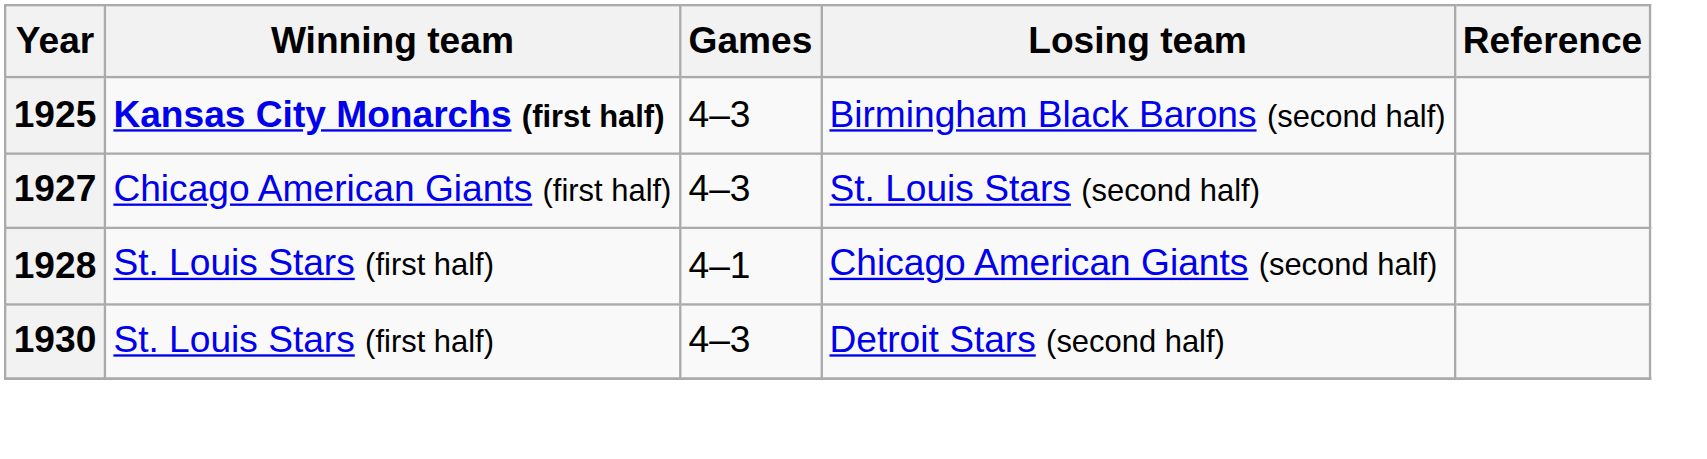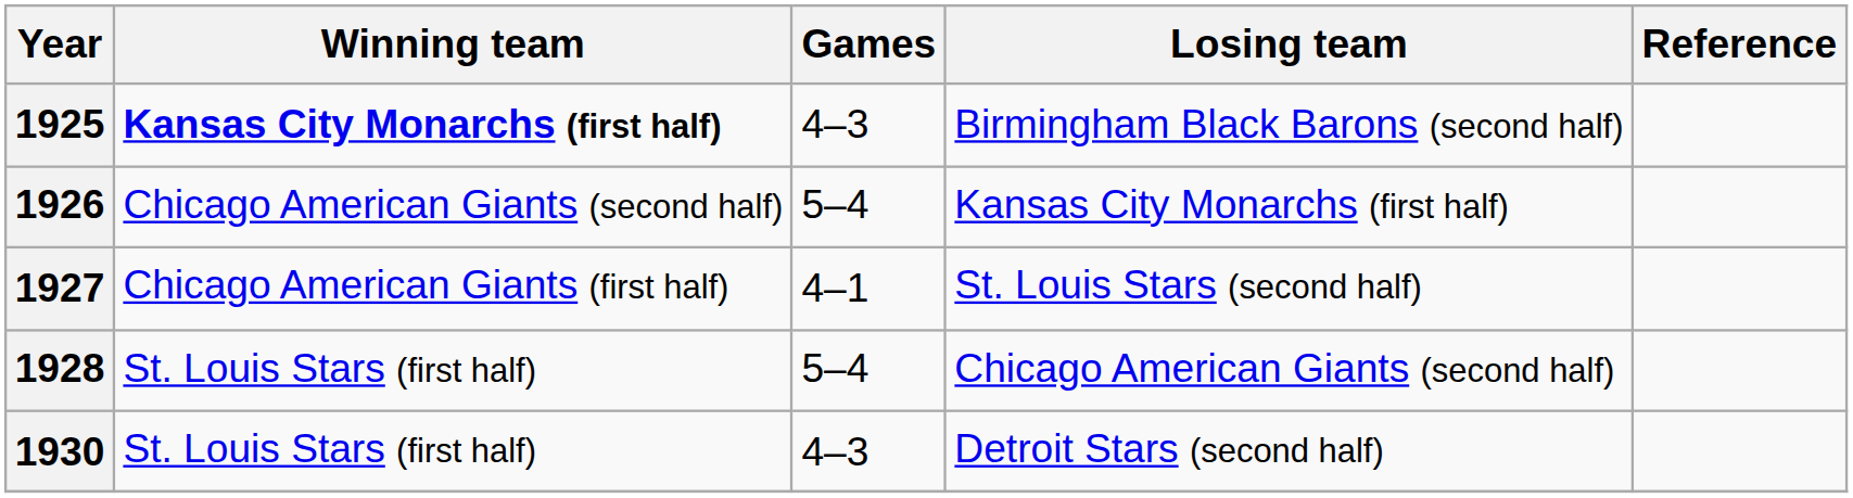 <table class="wikitable sortable plainrowheaders" style="font-size:1.00em; line-height:1.5em;">
 <tr>
 <th scope="col">Year</th>
 <th scope="col">Winning team</th>
 <th scope="col">Games</th>
 <th scope="col">Losing team</th>
 <th scope="col">Reference</th>
 </tr>
 <tr>
 <th scope="row" style="text-align:center">1925</th>
 <td align="left"><strong><a href='#'>Kansas City Monarchs</a> <small>(first half)</small></strong></td>
 <td>4–3</td>
 <td><a href='#'>Birmingham Black Barons</a> <small>(second half)</small></td>
 <td></td>
 </tr>
 <tr>
+<th scope="row" style="text-align:center">1926</th>
+<td align="left"><a href='#'>Chicago American Giants</a> <small>(second half)</small></td>
+<td>5–4</td>
+<td><a href='#'>Kansas City Monarchs</a> <small>(first half)</small></td>
+<td></td>
+</tr>
+<tr>
 <th scope="row" style="text-align:center">1927</th>
 <td align="left"><a href='#'>Chicago American Giants</a> <small>(first half)</small></td>
-<td>4–3</td>
+<td>4–1</td>
 <td><a href='#'>St. Louis Stars</a> <small>(second half)</small></td>
 <td></td>
 </tr>
 <tr>
 <th scope="row" style="text-align:center">1928</th>
 <td align="left"><a href='#'>St. Louis Stars</a> <small>(first half)</small></td>
-<td>4–1</td>
+<td>5–4</td>
 <td><a href='#'>Chicago American Giants</a> <small>(second half)</small></td>
 <td></td>
 </tr>
 <tr>
 <th scope="row" style="text-align:center">1930</th>
 <td align="left"><a href='#'>St. Louis Stars</a> <small>(first half)</small></td>
 <td>4–3</td>
 <td><a href='#'>Detroit Stars</a> <small>(second half)</small></td>
 <td></td>
 </tr>
 <tr>
 </tr>
 </table>
